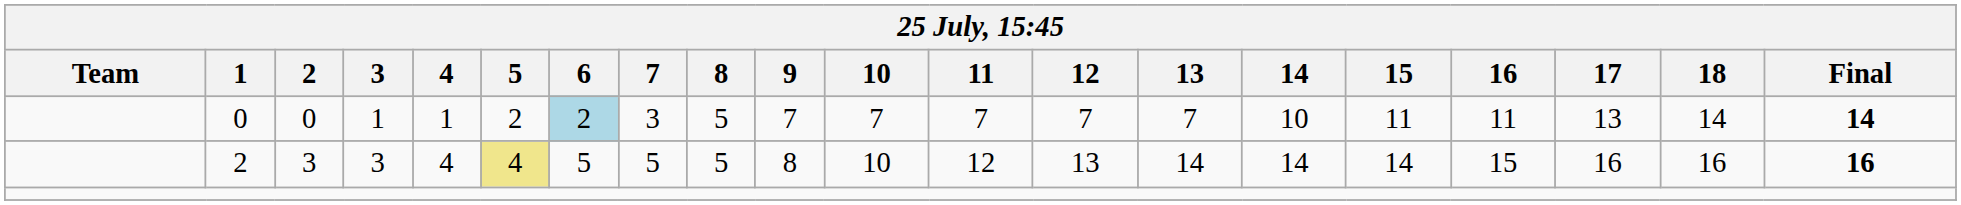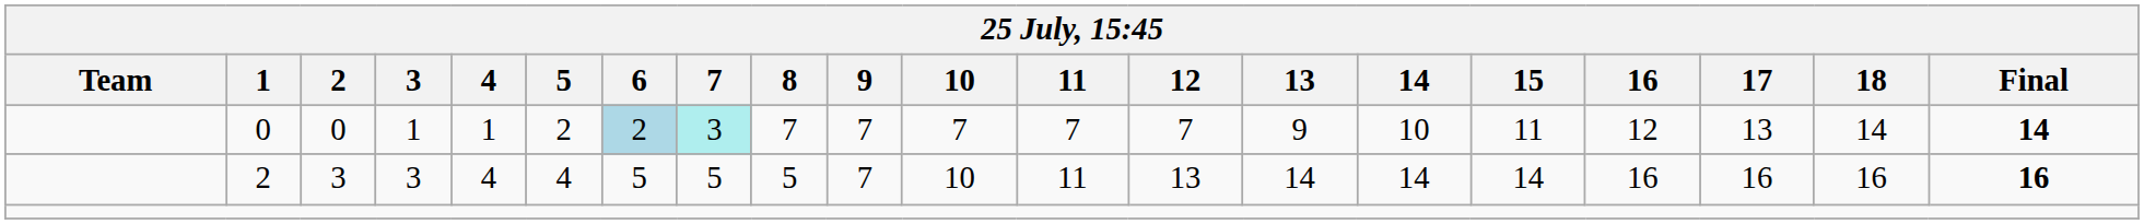 <table class=wikitable style="text-align:center; width: 55%">
 <tr>
 <th colspan=20><em>25 July, 15:45</em></th>
 </tr>
 <tr>
 <th>Team</th>
 <th>1</th>
 <th>2</th>
 <th>3</th>
 <th>4</th>
 <th>5</th>
 <th>6</th>
 <th>7</th>
 <th>8</th>
 <th>9</th>
 <th>10</th>
 <th>11</th>
 <th>12</th>
 <th>13</th>
 <th>14</th>
 <th>15</th>
 <th>16</th>
 <th>17</th>
 <th>18</th>
 <th>Final</th>
 </tr>
 <tr>
 <td align=left></td>
 <td>0</td>
 <td>0</td>
 <td>1</td>
 <td>1</td>
 <td>2</td>
 <td style="background: lightblue;">2</td>
-<td>3</td>
-<td>5</td>
+<td style="background: paleturquoise;">3</td>
 <td>7</td>
 <td>7</td>
 <td>7</td>
 <td>7</td>
 <td>7</td>
+<td>9</td>
 <td>10</td>
 <td>11</td>
-<td>11</td>
+<td>12</td>
 <td>13</td>
 <td>14</td>
 <td><strong>14</strong></td>
 </tr>
 <tr>
 <td align=left><strong></strong></td>
 <td>2</td>
 <td>3</td>
 <td>3</td>
 <td>4</td>
-<td style="background: khaki;">4</td>
+<td>4</td>
 <td>5</td>
 <td>5</td>
 <td>5</td>
-<td>8</td>
+<td>7</td>
 <td>10</td>
-<td>12</td>
+<td>11</td>
 <td>13</td>
 <td>14</td>
 <td>14</td>
 <td>14</td>
-<td>15</td>
+<td>16</td>
 <td>16</td>
 <td>16</td>
 <td><strong>16</strong></td>
 </tr>
 <tr>
 <td colspan=20></td>
 </tr>
 </table>
